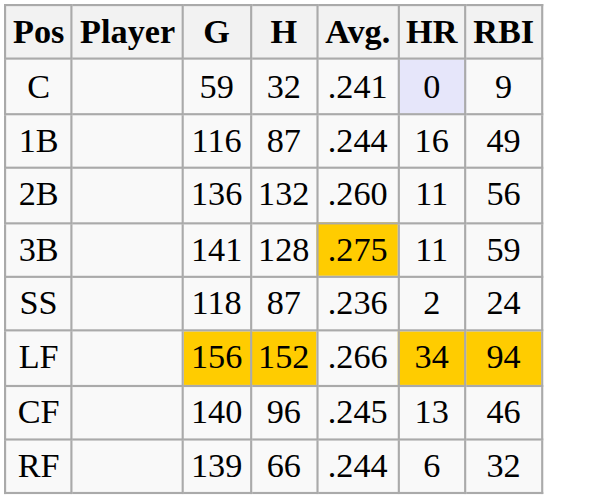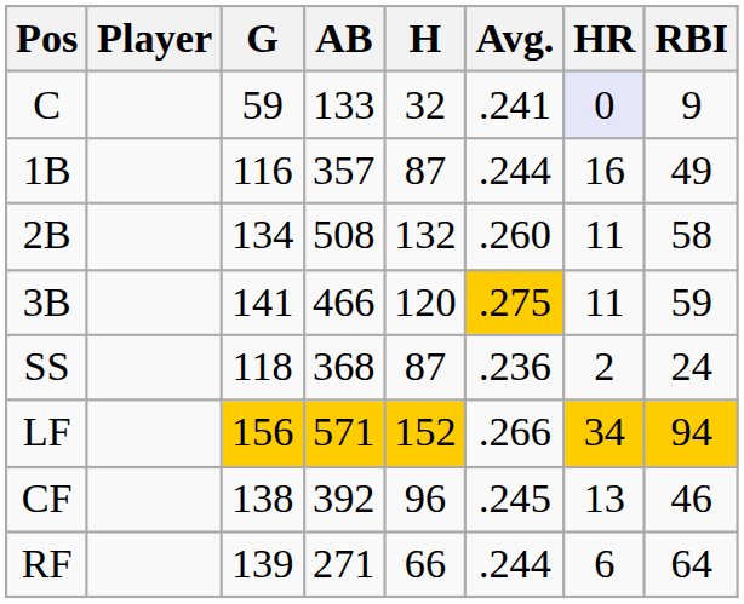 <table class="wikitable sortable">
 <tr>
 <th>Pos</th>
 <th>Player</th>
 <th>G</th>
+<th>AB</th>
 <th>H</th>
 <th>Avg.</th>
 <th>HR</th>
 <th>RBI</th>
 </tr>
 <tr align="center">
 <td>C</td>
 <td></td>
 <td>59</td>
+<td>133</td>
 <td>32</td>
 <td>.241</td>
 <td style="background: lavender;">0</td>
 <td>9</td>
 </tr>
 <tr align="center">
 <td>1B</td>
 <td></td>
 <td>116</td>
+<td>357</td>
 <td>87</td>
 <td>.244</td>
 <td>16</td>
 <td>49</td>
 </tr>
 <tr align="center">
 <td>2B</td>
 <td></td>
-<td>136</td>
+<td>134</td>
+<td>508</td>
 <td>132</td>
 <td>.260</td>
 <td>11</td>
-<td>56</td>
+<td>58</td>
 </tr>
 <tr align="center">
 <td>3B</td>
 <td></td>
 <td>141</td>
-<td>128</td>
+<td>466</td>
+<td>120</td>
 <td bgcolor="#FFCC00">.275</td>
 <td>11</td>
 <td>59</td>
 </tr>
 <tr align="center">
 <td>SS</td>
 <td></td>
 <td>118</td>
+<td>368</td>
 <td>87</td>
 <td>.236</td>
 <td>2</td>
 <td>24</td>
 </tr>
 <tr align="center">
 <td>LF</td>
 <td></td>
 <td bgcolor="#FFCC00">156</td>
+<td bgcolor="#FFCC00">571</td>
 <td bgcolor="#FFCC00">152</td>
 <td>.266</td>
 <td bgcolor="#FFCC00">34</td>
 <td bgcolor="#FFCC00">94</td>
 </tr>
 <tr align="center">
 <td>CF</td>
 <td></td>
-<td>140</td>
+<td>138</td>
+<td>392</td>
 <td>96</td>
 <td>.245</td>
 <td>13</td>
 <td>46</td>
 </tr>
 <tr align="center">
 <td>RF</td>
 <td></td>
 <td>139</td>
+<td>271</td>
 <td>66</td>
 <td>.244</td>
 <td>6</td>
-<td>32</td>
+<td>64</td>
 </tr>
 </table>
